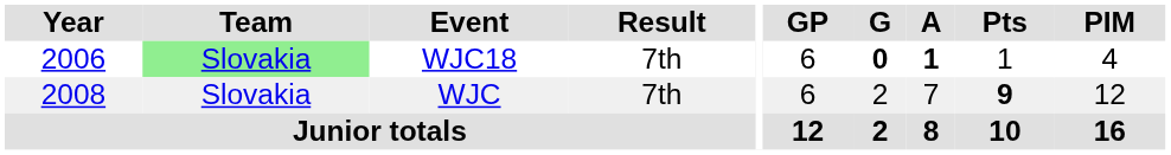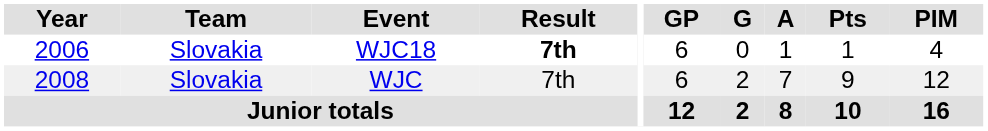 <table border="0" cellpadding="1" cellspacing="0" ID="Table3" style="text-align:center; width:40em">
 <tr ALIGN="center" bgcolor="#e0e0e0">
 <th>Year</th>
 <th>Team</th>
 <th>Event</th>
 <th>Result</th>
 <th rowspan="99" bgcolor="#ffffff"></th>
 <th>GP</th>
 <th>G</th>
 <th>A</th>
 <th>Pts</th>
 <th>PIM</th>
 </tr>
 <tr>
 <td><a href='#'>2006</a></td>
-<td style="background: lightgreen;"><a href='#'>Slovakia</a></td>
+<td><a href='#'>Slovakia</a></td>
 <td><a href='#'>WJC18</a></td>
-<td>7th</td>
+<td><strong>7th</strong></td>
 <td>6</td>
-<td><strong>0</strong></td>
-<td><strong>1</strong></td>
+<td>0</td>
+<td>1</td>
 <td>1</td>
 <td>4</td>
 </tr>
 <tr bgcolor="#f0f0f0">
 <td><a href='#'>2008</a></td>
 <td><a href='#'>Slovakia</a></td>
 <td><a href='#'>WJC</a></td>
 <td>7th</td>
 <td>6</td>
 <td>2</td>
 <td>7</td>
-<td><strong>9</strong></td>
+<td>9</td>
 <td>12</td>
 </tr>
 <tr bgcolor="#e0e0e0">
 <th colspan="4">Junior totals</th>
 <th>12</th>
 <th>2</th>
 <th>8</th>
 <th>10</th>
 <th>16</th>
 </tr>
 </table>
